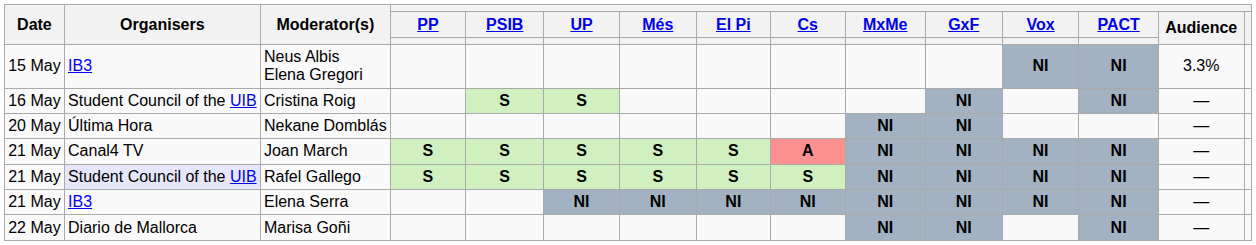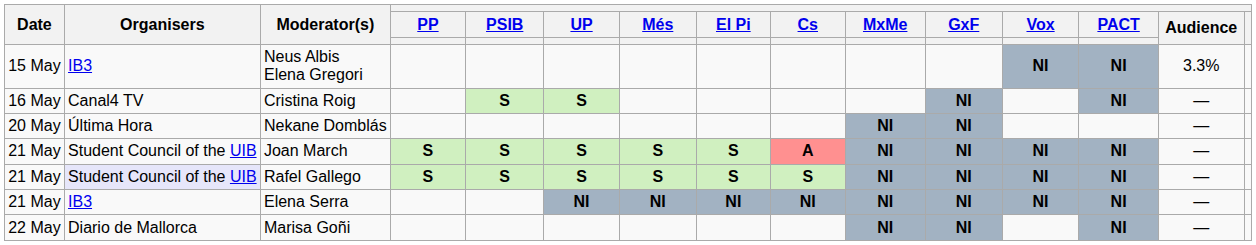 <table class="wikitable" style="text-align:center;">
 <tr>
 <th rowspan="3">Date</th>
 <th rowspan="3">Organisers</th>
 <th rowspan="3">Moderator(s)</th>
 <th colspan="12">        </th>
 </tr>
 <tr>
 <th scope="col" style="width:5em;"><a href='#'>PP</a></th>
 <th scope="col" style="width:5em;"><a href='#'>PSIB</a></th>
 <th scope="col" style="width:5em;"><a href='#'>UP</a></th>
 <th scope="col" style="width:5em;"><a href='#'>Més</a></th>
 <th scope="col" style="width:5em;"><a href='#'>El Pi</a></th>
 <th scope="col" style="width:5em;"><a href='#'>Cs</a></th>
 <th scope="col" style="width:5em;"><a href='#'>MxMe</a></th>
 <th scope="col" style="width:5em;"><a href='#'>GxF</a></th>
 <th scope="col" style="width:5em;"><a href='#'>Vox</a></th>
 <th scope="col" style="width:5em;"><a href='#'>PACT</a></th>
 <th rowspan="2" scope="col" style="width:5em;">Audience</th>
 <th rowspan="2"></th>
 </tr>
 <tr>
 <th style="color:inherit;background:"></th>
 <th style="color:inherit;background:"></th>
 <th style="color:inherit;background:"></th>
 <th style="color:inherit;background:"></th>
 <th style="color:inherit;background:"></th>
 <th style="color:inherit;background:"></th>
 <th style="color:inherit;background:"></th>
 <th style="color:inherit;background:"></th>
 <th style="color:inherit;background:"></th>
 <th style="color:inherit;background:"></th>
 </tr>
 <tr>
 <td style="white-space:nowrap; text-align:left;">15 May</td>
 <td style="white-space:nowrap; text-align:left;"><a href='#'>IB3</a></td>
 <td style="white-space:nowrap; text-align:left;">Neus Albis<br>Elena Gregori</td>
 <td></td>
 <td></td>
 <td></td>
 <td></td>
 <td></td>
 <td></td>
 <td></td>
 <td></td>
 <td style="background:#A2B2C2;"><strong>NI</strong></td>
 <td style="background:#A2B2C2;"><strong>NI</strong></td>
 <td>3.3%<br></td>
 <td></td>
 </tr>
 <tr>
 <td style="white-space:nowrap; text-align:left;">16 May</td>
-<td style="white-space:nowrap; text-align:left;">Student Council of the <a href='#'>UIB</a></td>
+<td style="white-space:nowrap; text-align:left;">Canal4 TV</td>
 <td style="white-space:nowrap; text-align:left;">Cristina Roig</td>
 <td></td>
 <td style="background:#D0F0C0;"><strong>S</strong><br></td>
 <td style="background:#D0F0C0;"><strong>S</strong><br></td>
 <td></td>
 <td></td>
 <td></td>
 <td></td>
 <td style="background:#A2B2C2;"><strong>NI</strong></td>
 <td></td>
 <td style="background:#A2B2C2;"><strong>NI</strong></td>
 <td>—</td>
 <td></td>
 </tr>
 <tr>
 <td style="white-space:nowrap; text-align:left;">20 May</td>
 <td style="white-space:nowrap; text-align:left;">Última Hora</td>
 <td style="white-space:nowrap; text-align:left;">Nekane Domblás</td>
 <td></td>
 <td></td>
 <td></td>
 <td></td>
 <td></td>
 <td></td>
 <td style="background:#A2B2C2;"><strong>NI</strong></td>
 <td style="background:#A2B2C2;"><strong>NI</strong></td>
 <td></td>
 <td></td>
 <td>—</td>
 <td></td>
 </tr>
 <tr>
 <td style="white-space:nowrap; text-align:left;">21 May</td>
-<td style="white-space:nowrap; text-align:left;">Canal4 TV</td>
+<td style="white-space:nowrap; text-align:left;">Student Council of the <a href='#'>UIB</a></td>
 <td style="white-space:nowrap; text-align:left;">Joan March</td>
 <td style="background:#D0F0C0;"><strong>S</strong><br></td>
 <td style="background:#D0F0C0;"><strong>S</strong><br></td>
 <td style="background:#D0F0C0;"><strong>S</strong><br></td>
 <td style="background:#D0F0C0;"><strong>S</strong><br></td>
 <td style="background:#D0F0C0;"><strong>S</strong><br></td>
 <td style="background:#FF9090;"><strong>A</strong></td>
 <td style="background:#A2B2C2;"><strong>NI</strong></td>
 <td style="background:#A2B2C2;"><strong>NI</strong></td>
 <td style="background:#A2B2C2;"><strong>NI</strong></td>
 <td style="background:#A2B2C2;"><strong>NI</strong></td>
 <td>—</td>
 <td><br></td>
 </tr>
 <tr>
 <td style="white-space:nowrap; text-align:left;">21 May</td>
 <td style="background: lavender; white-space:nowrap; text-align:left;">Student Council of the <a href='#'>UIB</a></td>
 <td style="white-space:nowrap; text-align:left;">Rafel Gallego</td>
 <td style="background:#D0F0C0;"><strong>S</strong><br></td>
 <td style="background:#D0F0C0;"><strong>S</strong><br></td>
 <td style="background:#D0F0C0;"><strong>S</strong><br></td>
 <td style="background:#D0F0C0;"><strong>S</strong><br></td>
 <td style="background:#D0F0C0;"><strong>S</strong><br></td>
 <td style="background:#D0F0C0;"><strong>S</strong><br></td>
 <td style="background:#A2B2C2;"><strong>NI</strong></td>
 <td style="background:#A2B2C2;"><strong>NI</strong></td>
 <td style="background:#A2B2C2;"><strong>NI</strong></td>
 <td style="background:#A2B2C2;"><strong>NI</strong></td>
 <td>—</td>
 <td></td>
 </tr>
 <tr>
 <td style="white-space:nowrap; text-align:left;">21 May</td>
 <td style="white-space:nowrap; text-align:left;"><a href='#'>IB3</a></td>
 <td style="white-space:nowrap; text-align:left;">Elena Serra</td>
 <td></td>
 <td></td>
 <td style="background:#A2B2C2;"><strong>NI</strong></td>
 <td style="background:#A2B2C2;"><strong>NI</strong></td>
 <td style="background:#A2B2C2;"><strong>NI</strong></td>
 <td style="background:#A2B2C2;"><strong>NI</strong></td>
 <td style="background:#A2B2C2;"><strong>NI</strong></td>
 <td style="background:#A2B2C2;"><strong>NI</strong></td>
 <td style="background:#A2B2C2;"><strong>NI</strong></td>
 <td style="background:#A2B2C2;"><strong>NI</strong></td>
 <td>—</td>
 <td></td>
 </tr>
 <tr>
 <td style="white-space:nowrap; text-align:left;">22 May</td>
 <td style="white-space:nowrap; text-align:left;">Diario de Mallorca</td>
 <td style="white-space:nowrap; text-align:left;">Marisa Goñi</td>
 <td></td>
 <td></td>
 <td></td>
 <td></td>
 <td></td>
 <td></td>
 <td style="background:#A2B2C2;"><strong>NI</strong></td>
 <td style="background:#A2B2C2;"><strong>NI</strong></td>
 <td></td>
 <td style="background:#A2B2C2;"><strong>NI</strong></td>
 <td>—</td>
 <td></td>
 </tr>
 </table>
